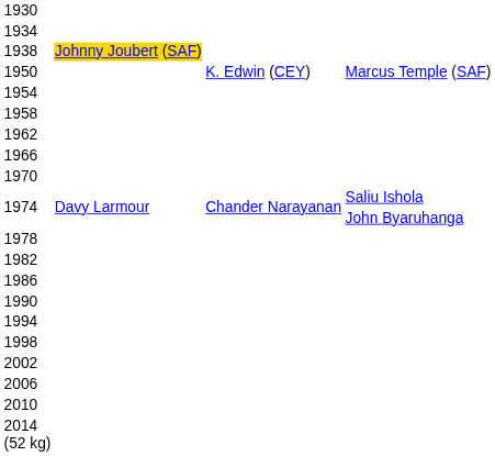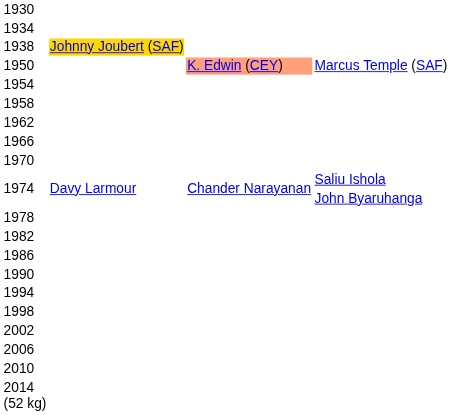 <table>
 <tr>
 <td>1930</td>
 <td></td>
 <td></td>
 <td></td>
 </tr>
 <tr>
 <td>1934</td>
 <td></td>
 <td></td>
 <td></td>
 </tr>
 <tr>
 <td>1938</td>
 <td style="background: gold;"> <a href='#'>Johnny Joubert</a> <span>(<a href='#'>SAF</a>)</span></td>
 <td></td>
 <td></td>
 </tr>
 <tr>
 <td>1950</td>
 <td></td>
-<td> <a href='#'>K. Edwin</a> <span>(<a href='#'>CEY</a>)</span></td>
+<td style="background: lightsalmon;"> <a href='#'>K. Edwin</a> <span>(<a href='#'>CEY</a>)</span></td>
 <td> <a href='#'>Marcus Temple</a> <span>(<a href='#'>SAF</a>)</span></td>
 </tr>
 <tr>
 <td>1954</td>
 <td></td>
 <td></td>
 <td></td>
 </tr>
 <tr>
 <td rowspan=2>1958</td>
 <td rowspan=2></td>
 <td rowspan=2></td>
 <td></td>
 </tr>
 <tr>
 <td></td>
 </tr>
 <tr>
 <td rowspan=2>1962</td>
 <td rowspan=2></td>
 <td rowspan=2></td>
 <td></td>
 </tr>
 <tr>
 <td></td>
 </tr>
 <tr>
 <td>1966</td>
 <td></td>
 <td></td>
 <td><br></td>
 </tr>
 <tr>
 <td rowspan=2>1970</td>
 <td rowspan=2></td>
 <td rowspan=2></td>
 <td></td>
 </tr>
 <tr>
 <td></td>
 </tr>
 <tr>
 <td rowspan=2>1974</td>
 <td rowspan=2> <a href='#'>Davy Larmour</a></td>
 <td rowspan=2> <a href='#'>Chander Narayanan</a></td>
 <td> <a href='#'>Saliu Ishola</a></td>
 </tr>
 <tr>
 <td> <a href='#'>John Byaruhanga</a></td>
 </tr>
 <tr>
 <td rowspan=2>1978</td>
 <td rowspan=2></td>
 <td rowspan=2></td>
 <td></td>
 </tr>
 <tr>
 <td></td>
 </tr>
 <tr>
 <td rowspan=2>1982</td>
 <td rowspan=2></td>
 <td rowspan=2></td>
 <td></td>
 </tr>
 <tr>
 <td></td>
 </tr>
 <tr>
 <td>1986</td>
 <td></td>
 <td></td>
 <td><br></td>
 </tr>
 <tr>
 <td>1990</td>
 <td></td>
 <td></td>
 <td><br></td>
 </tr>
 <tr>
 <td>1994</td>
 <td></td>
 <td></td>
 <td><br></td>
 </tr>
 <tr>
 <td>1998</td>
 <td></td>
 <td></td>
 <td><br></td>
 </tr>
 <tr>
 <td rowspan=2>2002</td>
 <td rowspan=2></td>
 <td rowspan=2></td>
 <td></td>
 </tr>
 <tr>
 <td></td>
 </tr>
 <tr>
 <td rowspan=2>2006</td>
 <td rowspan=2></td>
 <td rowspan=2></td>
 <td></td>
 </tr>
 <tr>
 <td></td>
 </tr>
 <tr>
 <td rowspan=2>2010<br></td>
 <td rowspan=2></td>
 <td rowspan=2></td>
 <td></td>
 </tr>
 <tr>
 <td></td>
 </tr>
 <tr>
 <td rowspan=2>2014<br>(52 kg)<br></td>
 <td rowspan=2></td>
 <td rowspan=2></td>
 <td></td>
 </tr>
 <tr>
 <td></td>
 </tr>
 </table>
